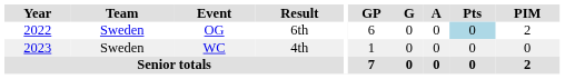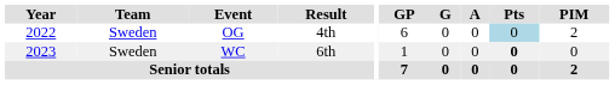 <table border="0" cellpadding="1" cellspacing="0" ID="Table3" style="text-align:center; width:40em">
 <tr ALIGN="center" bgcolor="#e0e0e0">
 <th>Year</th>
 <th>Team</th>
 <th>Event</th>
 <th>Result</th>
 <th rowspan="99" bgcolor="#ffffff"></th>
 <th>GP</th>
 <th>G</th>
 <th>A</th>
 <th>Pts</th>
 <th>PIM</th>
 </tr>
 <tr>
 <td><a href='#'>2022</a></td>
 <td><a href='#'>Sweden</a></td>
 <td><a href='#'>OG</a></td>
-<td>6th</td>
+<td>4th</td>
 <td>6</td>
 <td>0</td>
 <td>0</td>
 <td style="background: lightblue;">0</td>
 <td>2</td>
 </tr>
 <tr bgcolor="#f0f0f0">
 <td><a href='#'>2023</a></td>
 <td>Sweden</td>
 <td><a href='#'>WC</a></td>
-<td>4th</td>
+<td>6th</td>
 <td>1</td>
 <td>0</td>
 <td>0</td>
-<td>0</td>
+<td><strong>0</strong></td>
 <td>0</td>
 </tr>
 <tr bgcolor="#e0e0e0">
 <th colspan="4">Senior totals</th>
 <th>7</th>
 <th>0</th>
 <th>0</th>
 <th>0</th>
 <th>2</th>
 </tr>
 </table>
